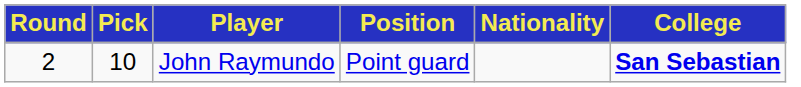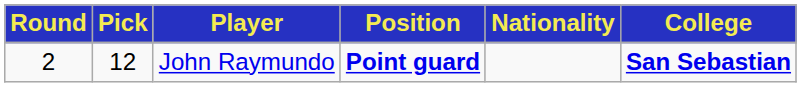 <table class="wikitable sortable sortable">
 <tr>
 <th style="background:#2631C2; color:#F4EB51; ">Round</th>
 <th style="background:#2631C2; color:#F4EB51; ">Pick</th>
 <th style="background:#2631C2; color:#F4EB51; ">Player</th>
 <th style="background:#2631C2; color:#F4EB51; ">Position</th>
 <th style="background:#2631C2; color:#F4EB51; ">Nationality</th>
 <th style="background:#2631C2; color:#F4EB51; ">College</th>
 </tr>
 <tr style="text-align: center">
 </tr>
 <tr>
 <td align=center>2</td>
-<td align=center>10</td>
+<td align=center>12</td>
 <td><a href='#'>John Raymundo</a></td>
-<td><a href='#'>Point guard</a></td>
+<td><strong><a href='#'>Point guard</a></strong></td>
 <td></td>
 <td><strong><a href='#'>San Sebastian</a></strong></td>
 </tr>
 </table>
